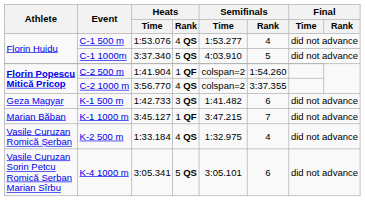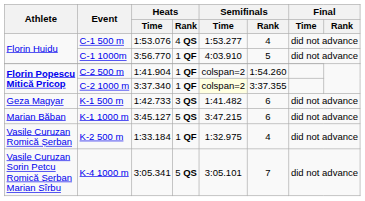 <table class=wikitable style="font-size:90%">
 <tr>
 <th rowspan="2">Athlete</th>
 <th rowspan="2">Event</th>
 <th colspan="2">Heats</th>
 <th colspan="2">Semifinals</th>
 <th colspan="2">Final</th>
 </tr>
 <tr style="font-size:95%">
 <th>Time</th>
 <th>Rank</th>
 <th>Time</th>
 <th>Rank</th>
 <th>Time</th>
 <th>Rank</th>
 </tr>
 <tr align=center>
 <td align=left rowspan=2><a href='#'>Florin Huidu</a></td>
 <td align=left><a href='#'>C-1 500 m</a></td>
 <td>1:53.076</td>
 <td>4 <strong>QS</strong></td>
 <td>1:53.277</td>
 <td>4</td>
 <td colspan=2>did not advance</td>
 </tr>
 <tr align=center>
 <td align=left><a href='#'>C-1 1000m</a></td>
-<td>3:37.340</td>
-<td>5 <strong>QS</strong></td>
+<td>3:56.770</td>
+<td>1 <strong>QF</strong></td>
 <td>4:03.910</td>
 <td>5</td>
 <td colspan=2>did not advance</td>
 </tr>
 <tr>
 </tr>
 <tr align=center>
 <td align=left rowspan=2><strong><a href='#'>Florin Popescu</a></strong><br><strong><a href='#'>Mitică Pricop</a></strong></td>
 <td align=left><a href='#'>C-2 500 m</a></td>
 <td>1:41.904</td>
 <td>1 <strong>QF</strong></td>
 <td>colspan=2 </td>
 <td>1:54.260</td>
 <td></td>
 </tr>
 <tr align=center>
 <td align=left><a href='#'>C-2 1000 m</a></td>
-<td>3:56.770</td>
-<td>4 <strong>QS</strong></td>
-<td>colspan=2 </td>
+<td>3:37.340</td>
+<td>1 <strong>QF</strong></td>
+<td style="background: lightyellow;">colspan=2 </td>
 <td>3:37.355</td>
 <td></td>
 </tr>
 <tr align=center>
 <td align=left><a href='#'>Geza Magyar</a></td>
 <td align=left><a href='#'>K-1 500 m</a></td>
 <td>1:42.733</td>
 <td>3 <strong>QS</strong></td>
 <td>1:41.482</td>
 <td>6</td>
 <td colspan=2>did not advance</td>
 </tr>
 <tr align=center>
 <td align=left><a href='#'>Marian Băban</a></td>
 <td align=left><a href='#'>K-1 1000 m</a></td>
 <td>3:45.127</td>
-<td>1 <strong>QF</strong></td>
+<td>5 <strong>QS</strong></td>
 <td>3:47.215</td>
-<td>7</td>
+<td>6</td>
 <td colspan=2>did not advance</td>
 </tr>
 <tr align=center>
 <td align=left><a href='#'>Vasile Curuzan</a><br><a href='#'>Romică Șerban</a></td>
 <td align=left><a href='#'>K-2 500 m</a></td>
 <td>1:33.184</td>
-<td>4 <strong>QS</strong></td>
+<td>1 <strong>QF</strong></td>
 <td>1:32.975</td>
 <td>4</td>
 <td colspan=2>did not advance</td>
 </tr>
 <tr align=center>
 <td align=left><a href='#'>Vasile Curuzan</a><br><a href='#'>Sorin Petcu</a><br><a href='#'>Romică Șerban</a><br><a href='#'>Marian Sîrbu</a></td>
 <td align=left><a href='#'>K-4 1000 m</a></td>
 <td>3:05.341</td>
 <td>5 <strong>QS</strong></td>
 <td>3:05.101</td>
-<td>6</td>
+<td>7</td>
 <td colspan=2>did not advance</td>
 </tr>
 </table>
